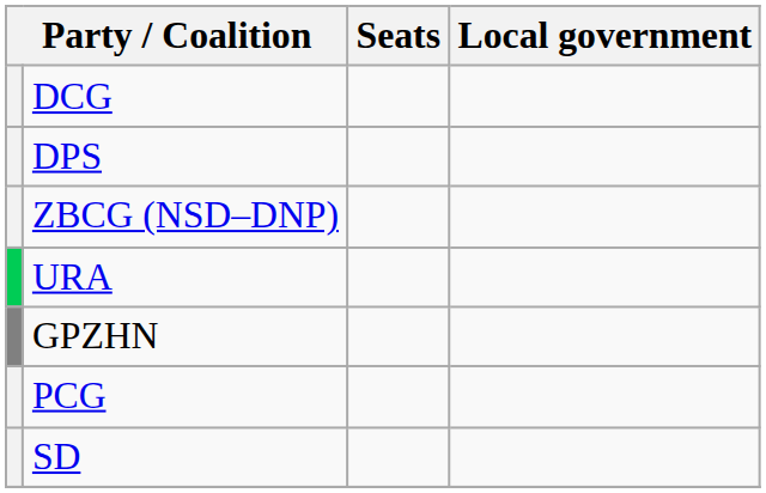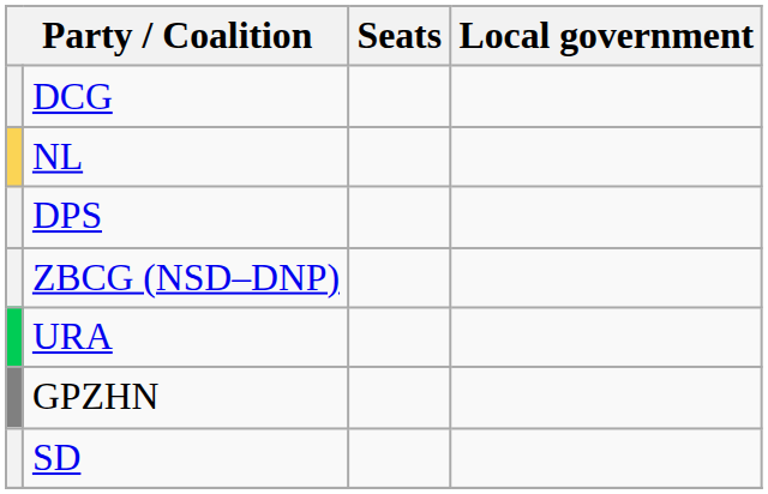 <table class="wikitable" style="text-align:left;">
 <tr>
 <th colspan=2>Party / Coalition</th>
 <th>Seats</th>
 <th>Local government</th>
 </tr>
 <tr>
 <th style="background-color: "></th>
 <td><a href='#'>DCG</a></td>
+<td></td>
+<td></td>
+</tr>
+<tr>
+<th style="background-color: #FBD455"></th>
+<td><a href='#'>NL</a></td>
 <td></td>
 <td></td>
 </tr>
 <tr>
 <th style="background-color: "></th>
 <td><a href='#'>DPS</a></td>
 <td></td>
 <td></td>
 </tr>
 <tr>
 <th style="background-color: "></th>
 <td><a href='#'>ZBCG (NSD–DNP)</a></td>
 <td></td>
 <td></td>
 </tr>
 <tr>
 <th style="background-color: #00cc55;"></th>
 <td><a href='#'>URA</a></td>
 <td></td>
 <td></td>
 </tr>
 <tr>
 <th style="background-color: gray "></th>
 <td>GPZHN</td>
 <td></td>
 <td></td>
 </tr>
 <tr>
-<th style="background-color: "></th>
-<td><a href='#'>PCG</a></td>
-<td></td>
-<td></td>
-</tr>
-<tr>
 <th style="background:"></th>
 <td><a href='#'>SD</a></td>
 <td></td>
 <td></td>
 </tr>
 <tr>
 </tr>
 </table>
